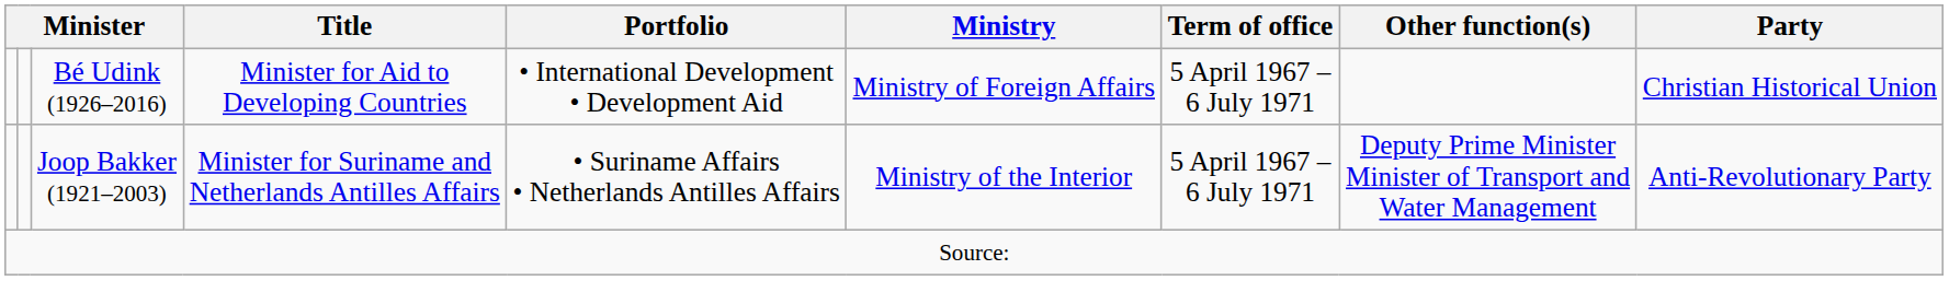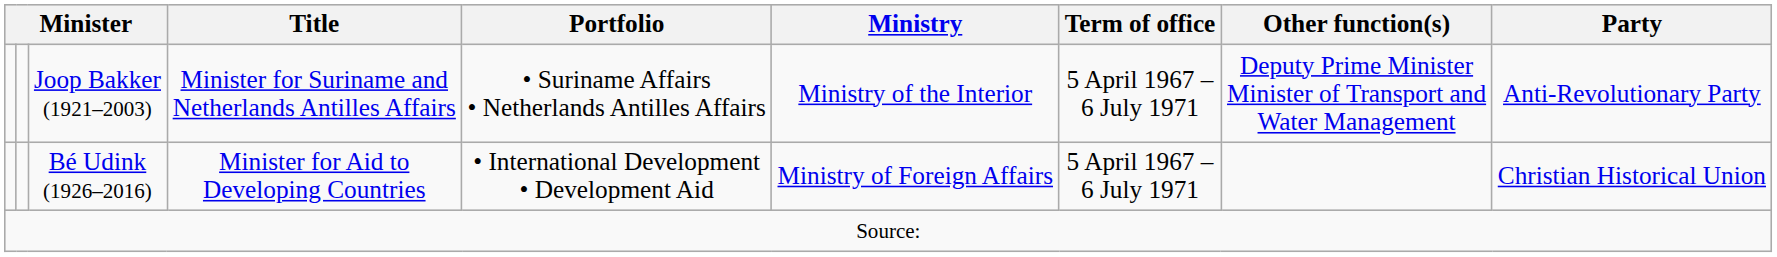 <table class="wikitable" style="text-align:center">
 <tr>
 <th colspan=3>Minister</th>
 <th>Title</th>
 <th>Portfolio</th>
 <th><a href='#'>Ministry</a></th>
 <th>Term of office</th>
 <th>Other function(s)</th>
 <th>Party</th>
 </tr>
 <tr>
 <td style="background:"></td>
 <td></td>
+<td><a href='#'>Joop Bakker</a> <br> <small>(1921–2003)</small></td>
+<td><a href='#'>Minister for Suriname and <br> Netherlands Antilles Affairs</a></td>
+<td>• Suriname Affairs <br> • Netherlands Antilles Affairs</td>
+<td><a href='#'>Ministry of the Interior</a></td>
+<td>5 April 1967 – <br> 6 July 1971</td>
+<td><a href='#'>Deputy Prime Minister</a> <br> <a href='#'>Minister of Transport and <br> Water Management</a></td>
+<td><a href='#'>Anti-Revolutionary Party</a></td>
+</tr>
+<tr>
+<td style="background:"></td>
+<td></td>
 <td><a href='#'>Bé Udink</a> <br> <small>(1926–2016)</small></td>
 <td><a href='#'>Minister for Aid to <br> Developing Countries</a></td>
 <td>• International Development <br> • Development Aid</td>
 <td><a href='#'>Ministry of Foreign Affairs</a></td>
 <td>5 April 1967 – <br> 6 July 1971</td>
 <td></td>
 <td><a href='#'>Christian Historical Union</a></td>
 </tr>
 <tr>
-<td style="background:"></td>
-<td></td>
-<td><a href='#'>Joop Bakker</a> <br> <small>(1921–2003)</small></td>
-<td><a href='#'>Minister for Suriname and <br> Netherlands Antilles Affairs</a></td>
-<td>• Suriname Affairs <br> • Netherlands Antilles Affairs</td>
-<td><a href='#'>Ministry of the Interior</a></td>
-<td>5 April 1967 – <br> 6 July 1971</td>
-<td><a href='#'>Deputy Prime Minister</a> <br> <a href='#'>Minister of Transport and <br> Water Management</a></td>
-<td><a href='#'>Anti-Revolutionary Party</a></td>
-</tr>
-<tr>
 <td colspan=9><small>Source:</small></td>
 </tr>
 </table>
